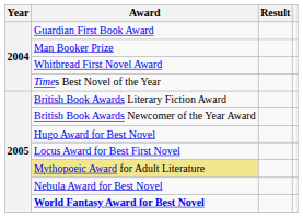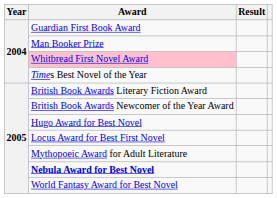 <table class="wikitable sortable plainrowheaders">
 <tr>
 <th scope="col">Year</th>
 <th scope="col">Award</th>
 <th scope="col">Result</th>
 <th scope="col" class="unsortable"></th>
 </tr>
 <tr>
 <th scope="row" rowspan="4">2004</th>
 <td><a href='#'>Guardian First Book Award</a></td>
 <td></td>
 <td align="center"></td>
 </tr>
 <tr>
 <td><a href='#'>Man Booker Prize</a></td>
 <td></td>
 <td align="center"></td>
 </tr>
 <tr>
-<td><a href='#'>Whitbread First Novel Award</a></td>
+<td style="background: pink;"><a href='#'>Whitbread First Novel Award</a></td>
 <td></td>
 <td align="center"></td>
 </tr>
 <tr>
 <td><em><a href='#'>Time</a></em>s Best Novel of the Year</td>
 <td></td>
 <td align=center></td>
 </tr>
 <tr>
 <th scope="row" rowspan="7">2005</th>
 <td><a href='#'>British Book Awards</a> Literary Fiction Award</td>
 <td></td>
 <td align=center></td>
 </tr>
 <tr>
 <td><a href='#'>British Book Awards</a> Newcomer of the Year Award</td>
 <td></td>
 <td align="center"></td>
 </tr>
 <tr>
 <td><a href='#'>Hugo Award for Best Novel</a></td>
 <td></td>
 <td align=center></td>
 </tr>
 <tr>
 <td><a href='#'>Locus Award for Best First Novel</a></td>
 <td></td>
 <td align="center"></td>
 </tr>
 <tr>
-<td style="background: khaki;"><a href='#'>Mythopoeic Award</a> for Adult Literature</td>
+<td><a href='#'>Mythopoeic Award</a> for Adult Literature</td>
 <td></td>
 <td align="center"></td>
 </tr>
 <tr>
-<td><a href='#'>Nebula Award for Best Novel</a></td>
+<td><strong><a href='#'>Nebula Award for Best Novel</a></strong></td>
 <td></td>
 <td align=center></td>
 </tr>
 <tr>
-<td><strong><a href='#'>World Fantasy Award for Best Novel</a></strong></td>
+<td><a href='#'>World Fantasy Award for Best Novel</a></td>
 <td></td>
 <td align="center"></td>
 </tr>
 </table>
